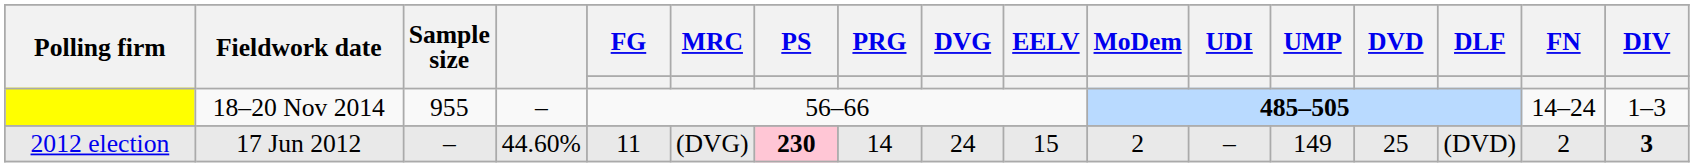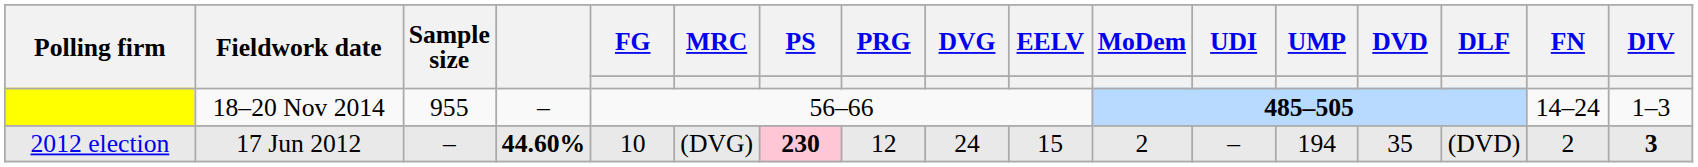 <table class="wikitable sortable" style="text-align:center;font-size:90%;line-height:14px;">
 <tr style="height:40px;">
 <th style="width:100px;" rowspan="2">Polling firm</th>
 <th style="width:110px;" rowspan="2">Fieldwork date</th>
 <th style="width:35px;" rowspan="2">Sample<br>size</th>
 <th style="width:30px;" rowspan="2"></th>
 <th class="unsortable" style="width:40px;"><a href='#'>FG</a></th>
 <th class="unsortable" style="width:40px;"><a href='#'>MRC</a></th>
 <th class="unsortable" style="width:40px;"><a href='#'>PS</a></th>
 <th class="unsortable" style="width:40px;"><a href='#'>PRG</a></th>
 <th class="unsortable" style="width:40px;"><a href='#'>DVG</a></th>
 <th class="unsortable" style="width:40px;"><a href='#'>EELV</a></th>
 <th class="unsortable" style="width:40px;"><a href='#'>MoDem</a></th>
 <th class="unsortable" style="width:40px;"><a href='#'>UDI</a></th>
 <th class="unsortable" style="width:40px;"><a href='#'>UMP</a></th>
 <th class="unsortable" style="width:40px;"><a href='#'>DVD</a></th>
 <th class="unsortable" style="width:40px;"><a href='#'>DLF</a></th>
 <th class="unsortable" style="width:40px;"><a href='#'>FN</a></th>
 <th class="unsortable" style="width:40px;"><a href='#'>DIV</a></th>
 </tr>
 <tr>
 <th style="background:"></th>
 <th style="background:"></th>
 <th style="background:"></th>
 <th style="background:"></th>
 <th style="background:"></th>
 <th style="background:"></th>
 <th style="background:"></th>
 <th style="background:"></th>
 <th style="background:"></th>
 <th style="background:"></th>
 <th style="background:"></th>
 <th style="background:"></th>
 <th style="background:"></th>
 </tr>
 <tr>
 <td style="background:yellow;"></td>
 <td data-sort-value="2014-11-20">18–20 Nov 2014</td>
 <td>955</td>
 <td>–</td>
 <td colspan="6">56–66</td>
 <td style="background:#B9DAFF;" colspan="5"><strong>485–505</strong></td>
 <td>14–24</td>
 <td>1–3</td>
 </tr>
 <tr style="background:#E9E9E9;">
 <td><a href='#'>2012 election</a></td>
 <td data-sort-value="2012-06-17">17 Jun 2012</td>
 <td>–</td>
-<td>44.60%</td>
-<td>11</td>
+<td><strong>44.60%</strong></td>
+<td>10</td>
 <td>(DVG)</td>
 <td style="background:#FFC6D5;"><strong>230</strong></td>
-<td>14</td>
+<td>12</td>
 <td>24</td>
 <td>15</td>
 <td>2</td>
 <td>–</td>
-<td>149</td>
-<td>25</td>
+<td>194</td>
+<td>35</td>
 <td>(DVD)</td>
 <td>2</td>
 <td><strong>3</strong></td>
 </tr>
 </table>
